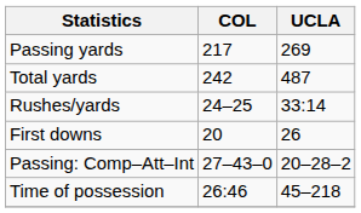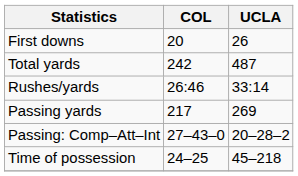 <table class="wikitable" style="float: left;">
 <tr>
 <th>Statistics</th>
 <th>COL</th>
 <th>UCLA</th>
 </tr>
 <tr>
-<td>Passing yards</td>
-<td>217</td>
-<td>269</td>
+<td>First downs</td>
+<td>20</td>
+<td>26</td>
 </tr>
 <tr>
 <td>Total yards</td>
 <td>242</td>
 <td>487</td>
 </tr>
 <tr>
 <td>Rushes/yards</td>
-<td>24–25</td>
+<td>26:46</td>
 <td>33:14</td>
 </tr>
 <tr>
-<td>First downs</td>
-<td>20</td>
-<td>26</td>
+<td>Passing yards</td>
+<td>217</td>
+<td>269</td>
 </tr>
 <tr>
 <td>Passing: Comp–Att–Int</td>
 <td>27–43–0</td>
 <td>20–28–2</td>
 </tr>
 <tr>
 <td>Time of possession</td>
-<td>26:46</td>
+<td>24–25</td>
 <td>45–218</td>
 </tr>
 <tr>
 </tr>
 </table>
